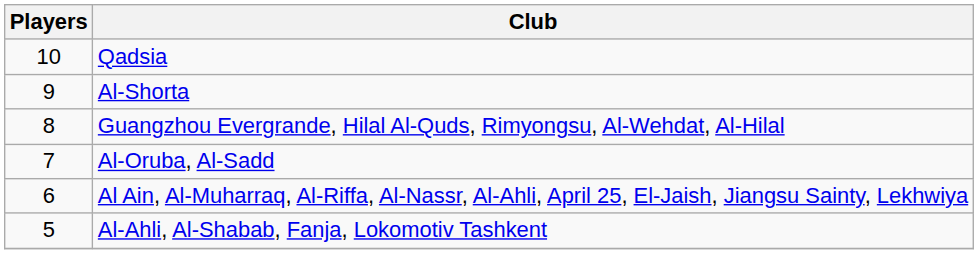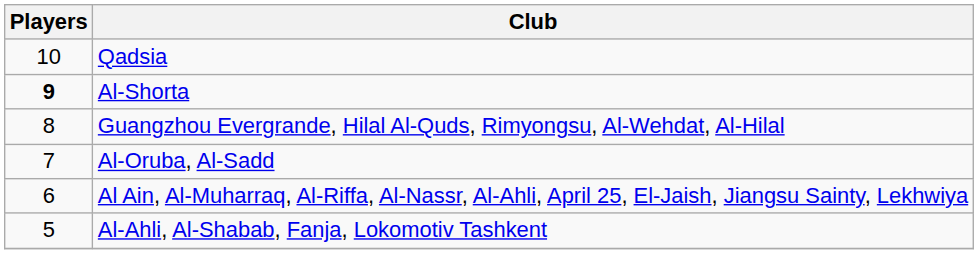 <table class="wikitable">
 <tr>
 <th>Players</th>
 <th>Club</th>
 </tr>
 <tr>
 <td align="center">10</td>
 <td> <a href='#'>Qadsia</a></td>
 </tr>
 <tr>
-<td align="center">9</td>
+<td align="center"><strong>9</strong></td>
 <td> <a href='#'>Al-Shorta</a></td>
 </tr>
 <tr>
 <td align="center">8</td>
 <td> <a href='#'>Guangzhou Evergrande</a>,  <a href='#'>Hilal Al-Quds</a>,  <a href='#'>Rimyongsu</a>,  <a href='#'>Al-Wehdat</a>,  <a href='#'>Al-Hilal</a></td>
 </tr>
 <tr>
 <td align="center">7</td>
 <td> <a href='#'>Al-Oruba</a>,  <a href='#'>Al-Sadd</a></td>
 </tr>
 <tr>
 <td align="center">6</td>
 <td> <a href='#'>Al Ain</a>,  <a href='#'>Al-Muharraq</a>,  <a href='#'>Al-Riffa</a>,  <a href='#'>Al-Nassr</a>,  <a href='#'>Al-Ahli</a>,  <a href='#'>April 25</a>,  <a href='#'>El-Jaish</a>,  <a href='#'>Jiangsu Sainty</a>,  <a href='#'>Lekhwiya</a></td>
 </tr>
 <tr>
 <td align="center">5</td>
 <td> <a href='#'>Al-Ahli</a>,  <a href='#'>Al-Shabab</a>,  <a href='#'>Fanja</a>,  <a href='#'>Lokomotiv Tashkent</a></td>
 </tr>
 <tr>
 </tr>
 </table>
